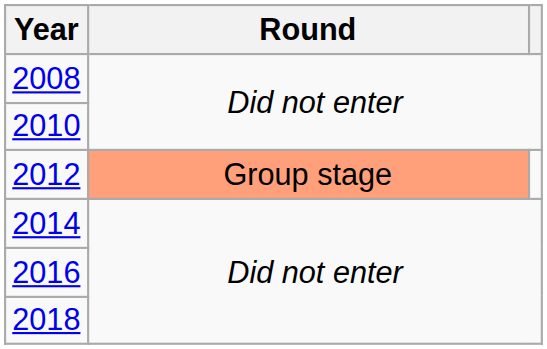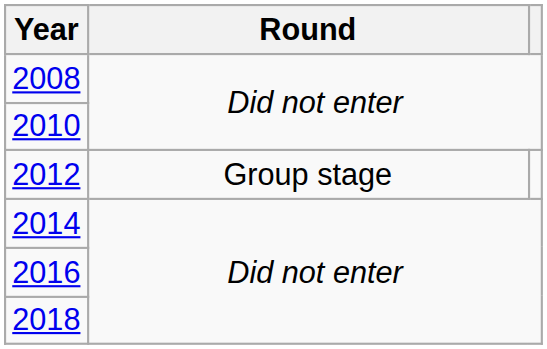 <table class="wikitable" style="text-align: center; font-size:90%">
 <tr>
 <th>Year</th>
 <th style="width:200px">Round</th>
 <th></th>
 </tr>
 <tr>
 <td><a href='#'>2008</a></td>
 <td colspan="2" rowspan="2"><em>Did not enter</em></td>
 </tr>
 <tr>
 <td><a href='#'>2010</a></td>
 </tr>
 <tr>
 <td><a href='#'>2012</a></td>
-<td style="background: lightsalmon;">Group stage</td>
+<td>Group stage</td>
 <td></td>
 </tr>
 <tr>
 <td><a href='#'>2014</a></td>
 <td colspan="2" rowspan="3"><em>Did not enter</em></td>
 </tr>
 <tr>
 <td><a href='#'>2016</a></td>
 </tr>
 <tr>
 <td><a href='#'>2018</a></td>
 </tr>
 </table>
